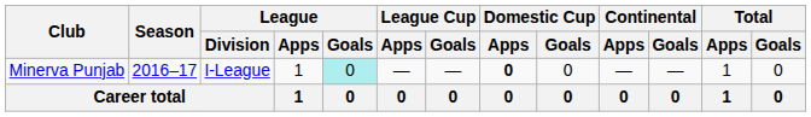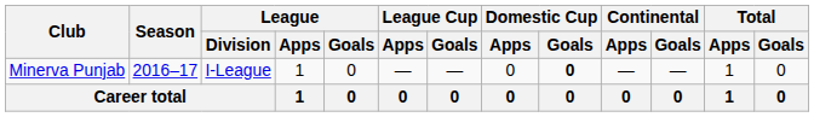 <table class="wikitable" style="text-align: center;">
 <tr>
 <th rowspan="2">Club</th>
 <th rowspan="2">Season</th>
 <th colspan="3">League</th>
 <th colspan="2">League Cup</th>
 <th colspan="2">Domestic Cup</th>
 <th colspan="2">Continental</th>
 <th colspan="2">Total</th>
 </tr>
 <tr>
 <th>Division</th>
 <th>Apps</th>
 <th>Goals</th>
 <th>Apps</th>
 <th>Goals</th>
 <th>Apps</th>
 <th>Goals</th>
 <th>Apps</th>
 <th>Goals</th>
 <th>Apps</th>
 <th>Goals</th>
 </tr>
 <tr>
 <td rowspan="1"><a href='#'>Minerva Punjab</a></td>
 <td><a href='#'>2016–17</a></td>
 <td><a href='#'>I-League</a></td>
 <td>1</td>
-<td style="background: paleturquoise;">0</td>
+<td>0</td>
 <td>—</td>
 <td>—</td>
+<td>0</td>
 <td><strong>0</strong></td>
-<td>0</td>
 <td>—</td>
 <td>—</td>
 <td>1</td>
 <td>0</td>
 </tr>
 <tr>
 <th colspan="3">Career total</th>
 <th>1</th>
 <th>0</th>
 <th>0</th>
 <th>0</th>
 <th>0</th>
 <th>0</th>
 <th>0</th>
 <th>0</th>
 <th>1</th>
 <th>0</th>
 </tr>
 </table>
